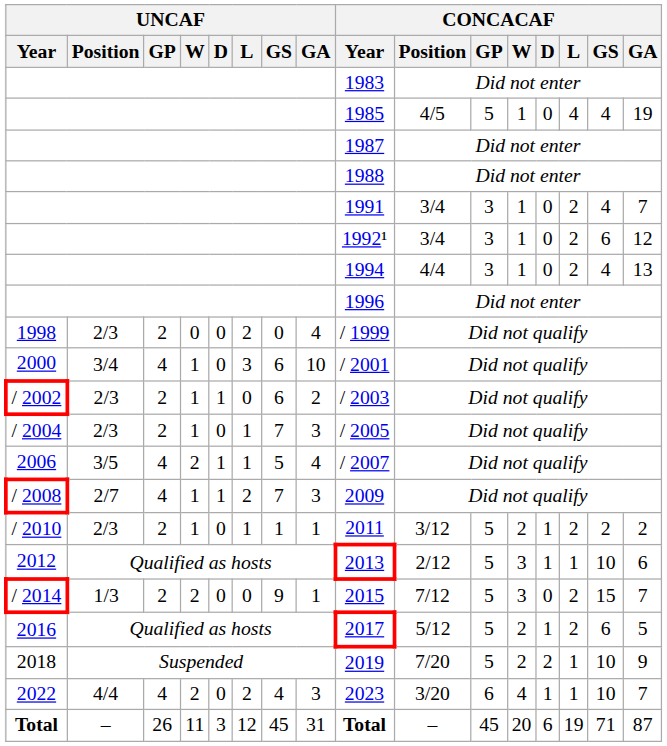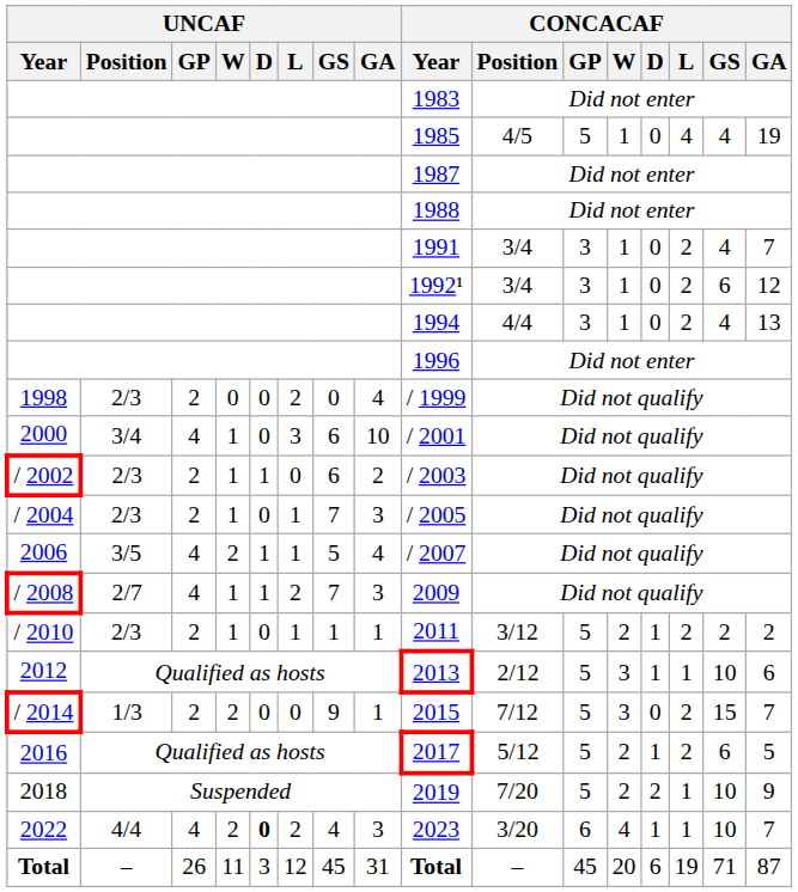 <table class="wikitable" style="text-align: center;">
 <tr>
 <th colspan=8>UNCAF</th>
 <th colspan=8>CONCACAF</th>
 </tr>
 <tr>
 <th>Year</th>
 <th>Position</th>
 <th>GP</th>
 <th>W</th>
 <th>D</th>
 <th>L</th>
 <th>GS</th>
 <th>GA</th>
 <th>Year</th>
 <th>Position</th>
 <th>GP</th>
 <th>W</th>
 <th>D</th>
 <th>L</th>
 <th>GS</th>
 <th>GA</th>
 </tr>
 <tr bgcolor=white>
 <td colspan=8></td>
 <td> <a href='#'>1983</a></td>
 <td colspan=7><em>Did not enter</em></td>
 </tr>
 <tr bgcolor=white>
 <td colspan=8></td>
 <td> <a href='#'>1985</a></td>
 <td>4/5</td>
 <td>5</td>
 <td>1</td>
 <td>0</td>
 <td>4</td>
 <td>4</td>
 <td>19</td>
 </tr>
 <tr bgcolor=white>
 <td colspan=8></td>
 <td> <a href='#'>1987</a></td>
 <td colspan=7><em>Did not enter</em></td>
 </tr>
 <tr bgcolor=white>
 <td colspan=8></td>
 <td> <a href='#'>1988</a></td>
 <td colspan=7><em>Did not enter</em></td>
 </tr>
 <tr bgcolor=white>
 <td colspan=8></td>
 <td> <a href='#'>1991</a></td>
 <td>3/4</td>
 <td>3</td>
 <td>1</td>
 <td>0</td>
 <td>2</td>
 <td>4</td>
 <td>7</td>
 </tr>
 <tr bgcolor=white>
 <td colspan=8></td>
 <td> <a href='#'>1992</a>¹</td>
 <td>3/4</td>
 <td>3</td>
 <td>1</td>
 <td>0</td>
 <td>2</td>
 <td>6</td>
 <td>12</td>
 </tr>
 <tr bgcolor=white>
 <td colspan=8></td>
 <td> <a href='#'>1994</a></td>
 <td>4/4</td>
 <td>3</td>
 <td>1</td>
 <td>0</td>
 <td>2</td>
 <td>4</td>
 <td>13</td>
 </tr>
 <tr bgcolor=white>
 <td colspan=8></td>
 <td> <a href='#'>1996</a></td>
 <td colspan=7><em>Did not enter</em></td>
 </tr>
 <tr bgcolor=white>
 <td><a href='#'>1998</a></td>
 <td>2/3</td>
 <td>2</td>
 <td>0</td>
 <td>0</td>
 <td>2</td>
 <td>0</td>
 <td>4</td>
 <td>/ <a href='#'>1999</a></td>
 <td colspan=7><em>Did not qualify</em></td>
 </tr>
 <tr bgcolor=white>
 <td> <a href='#'>2000</a></td>
 <td>3/4</td>
 <td>4</td>
 <td>1</td>
 <td>0</td>
 <td>3</td>
 <td>6</td>
 <td>10</td>
 <td>/ <a href='#'>2001</a></td>
 <td colspan=7><em>Did not qualify</em></td>
 </tr>
 <tr bgcolor=white>
 <td style="border: 3px solid red">/ <a href='#'>2002</a></td>
 <td>2/3</td>
 <td>2</td>
 <td>1</td>
 <td>1</td>
 <td>0</td>
 <td>6</td>
 <td>2</td>
 <td>/ <a href='#'>2003</a></td>
 <td colspan=7><em>Did not qualify</em></td>
 </tr>
 <tr bgcolor=white>
 <td>/ <a href='#'>2004</a></td>
 <td>2/3</td>
 <td>2</td>
 <td>1</td>
 <td>0</td>
 <td>1</td>
 <td>7</td>
 <td>3</td>
 <td>/ <a href='#'>2005</a></td>
 <td colspan=7><em>Did not qualify</em></td>
 </tr>
 <tr bgcolor=white>
 <td> <a href='#'>2006</a></td>
 <td>3/5</td>
 <td>4</td>
 <td>2</td>
 <td>1</td>
 <td>1</td>
 <td>5</td>
 <td>4</td>
 <td>/ <a href='#'>2007</a></td>
 <td colspan=7><em>Did not qualify</em></td>
 </tr>
 <tr bgcolor=white>
 <td style="border: 3px solid red">/ <a href='#'>2008</a></td>
 <td>2/7</td>
 <td>4</td>
 <td>1</td>
 <td>1</td>
 <td>2</td>
 <td>7</td>
 <td>3</td>
 <td> <a href='#'>2009</a></td>
 <td colspan=7><em>Did not qualify</em></td>
 </tr>
 <tr bgcolor=white>
 <td>/ <a href='#'>2010</a></td>
 <td>2/3</td>
 <td>2</td>
 <td>1</td>
 <td>0</td>
 <td>1</td>
 <td>1</td>
 <td>1</td>
 <td> <a href='#'>2011</a></td>
 <td>3/12</td>
 <td>5</td>
 <td>2</td>
 <td>1</td>
 <td>2</td>
 <td>2</td>
 <td>2</td>
 </tr>
 <tr bgcolor=white>
 <td> <a href='#'>2012</a></td>
 <td colspan=7><em>Qualified as hosts</em></td>
 <td style="border: 3px solid red"> <a href='#'>2013</a></td>
 <td>2/12</td>
 <td>5</td>
 <td>3</td>
 <td>1</td>
 <td>1</td>
 <td>10</td>
 <td>6</td>
 </tr>
 <tr bgcolor=white>
 <td style="border: 3px solid red">/ <a href='#'>2014</a></td>
 <td>1/3</td>
 <td>2</td>
 <td>2</td>
 <td>0</td>
 <td>0</td>
 <td>9</td>
 <td>1</td>
 <td> <a href='#'>2015</a></td>
 <td>7/12</td>
 <td>5</td>
 <td>3</td>
 <td>0</td>
 <td>2</td>
 <td>15</td>
 <td>7</td>
 </tr>
 <tr bgcolor=white>
 <td> <a href='#'>2016</a></td>
 <td colspan=7><em>Qualified as hosts</em></td>
 <td style="border: 3px solid red"> <a href='#'>2017</a></td>
 <td>5/12</td>
 <td>5</td>
 <td>2</td>
 <td>1</td>
 <td>2</td>
 <td>6</td>
 <td>5</td>
 </tr>
 <tr bgcolor=white>
 <td> 2018</td>
 <td colspan=7><em>Suspended</em></td>
 <td> <a href='#'>2019</a></td>
 <td>7/20</td>
 <td>5</td>
 <td>2</td>
 <td>2</td>
 <td>1</td>
 <td>10</td>
 <td>9</td>
 </tr>
 <tr bgcolor=white>
 <td> <a href='#'>2022</a></td>
 <td>4/4</td>
 <td>4</td>
 <td>2</td>
-<td>0</td>
+<td><strong>0</strong></td>
 <td>2</td>
 <td>4</td>
 <td>3</td>
 <td> <a href='#'>2023</a></td>
 <td>3/20</td>
 <td>6</td>
 <td>4</td>
 <td>1</td>
 <td>1</td>
 <td>10</td>
 <td>7</td>
 </tr>
 <tr bgcolor=white>
 <td><strong>Total</strong></td>
 <td>–</td>
 <td>26</td>
 <td>11</td>
 <td>3</td>
 <td>12</td>
 <td>45</td>
 <td>31</td>
 <td><strong>Total</strong></td>
 <td>–</td>
 <td>45</td>
 <td>20</td>
 <td>6</td>
 <td>19</td>
 <td>71</td>
 <td>87</td>
 </tr>
 </table>
